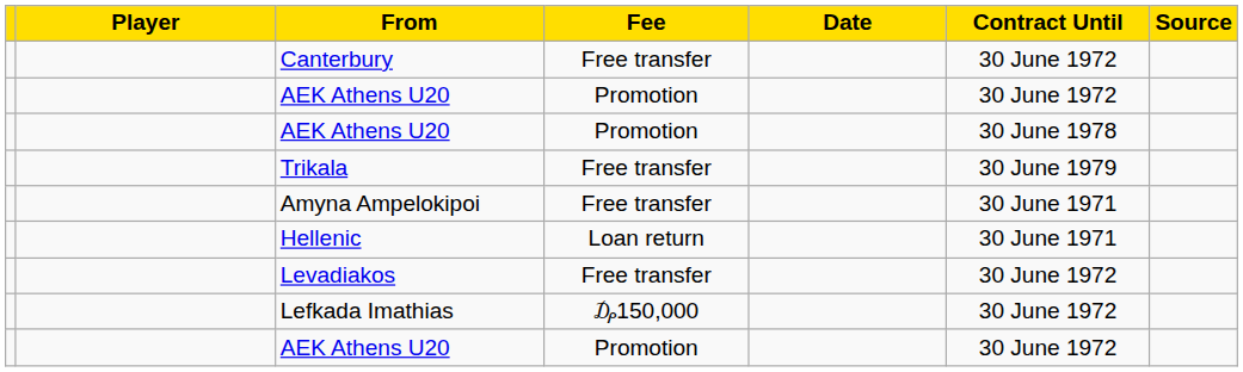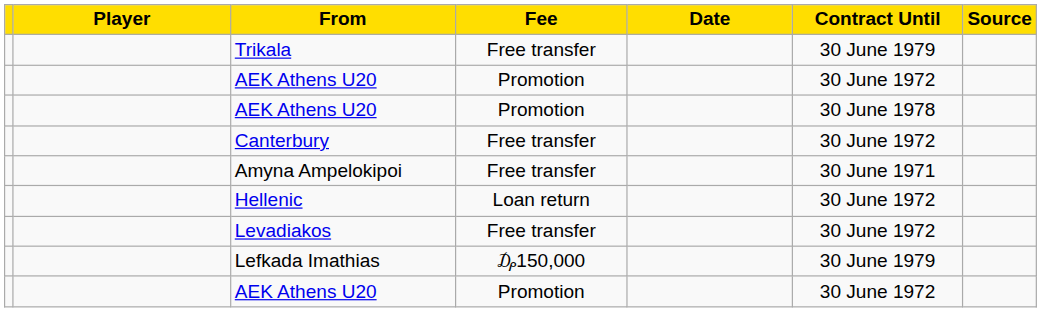 <table class="wikitable sortable">
 <tr>
 <th style="background:#FFDE00"></th>
 <th width=200 style="background:#FFDE00">Player</th>
 <th width=200 style="background:#FFDE00">From</th>
 <th width=150 style="background:#FFDE00">Fee</th>
 <th width=150 style="background:#FFDE00">Date</th>
 <th width=150 style="background:#FFDE00">Contract Until</th>
 <th style="background:#FFDE00">Source</th>
 </tr>
 <tr>
 <td align=center></td>
 <td></td>
-<td> <a href='#'>Canterbury</a></td>
+<td> <a href='#'>Trikala</a></td>
 <td align=center>Free transfer</td>
 <td align=center></td>
-<td align=center>30 June 1972</td>
+<td align=center>30 June 1979</td>
 <td align=center></td>
 </tr>
 <tr>
 <td align=center></td>
 <td></td>
 <td> <a href='#'>AEK Athens U20</a></td>
 <td align=center>Promotion</td>
 <td align=center></td>
 <td align=center>30 June 1972</td>
 <td align=center></td>
 </tr>
 <tr>
 <td align=center></td>
 <td></td>
 <td> <a href='#'>AEK Athens U20</a></td>
 <td align=center>Promotion</td>
 <td align=center></td>
 <td align=center>30 June 1978</td>
 <td align=center></td>
 </tr>
 <tr>
 <td align=center></td>
 <td></td>
-<td> <a href='#'>Trikala</a></td>
+<td> <a href='#'>Canterbury</a></td>
 <td align=center>Free transfer</td>
 <td align=center></td>
-<td align=center>30 June 1979</td>
+<td align=center>30 June 1972</td>
 <td align=center></td>
 </tr>
 <tr>
 <td align=center></td>
 <td></td>
 <td> Amyna Ampelokipoi</td>
 <td align=center>Free transfer</td>
 <td align=center></td>
 <td align=center>30 June 1971</td>
 <td align=center></td>
 </tr>
 <tr>
 <td align=center></td>
 <td></td>
 <td> <a href='#'>Hellenic</a></td>
 <td align=center>Loan return</td>
 <td align=center></td>
-<td align=center>30 June 1971</td>
+<td align=center>30 June 1972</td>
 <td align=center></td>
 </tr>
 <tr>
 <td align=center></td>
 <td></td>
 <td> <a href='#'>Levadiakos</a></td>
 <td align=center>Free transfer</td>
 <td align=center></td>
 <td align=center>30 June 1972</td>
 <td align=center></td>
 </tr>
 <tr>
 <td align=center></td>
 <td></td>
 <td> Lefkada Imathias</td>
 <td align=center>₯150,000</td>
 <td align=center></td>
-<td align=center>30 June 1972</td>
+<td align=center>30 June 1979</td>
 <td align=center></td>
 </tr>
 <tr>
 <td align=center></td>
 <td></td>
 <td> <a href='#'>AEK Athens U20</a></td>
 <td align=center>Promotion</td>
 <td align=center></td>
 <td align=center>30 June 1972</td>
 <td align=center></td>
 </tr>
 </table>
